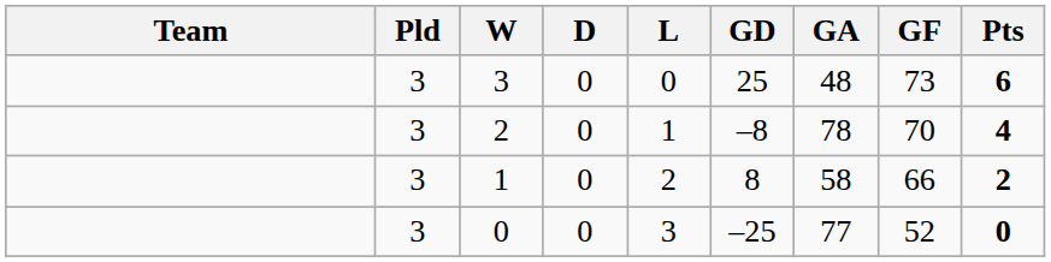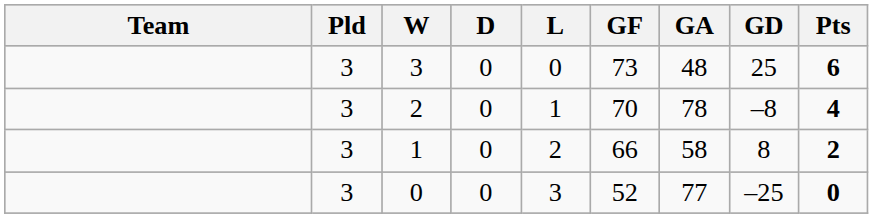 <table class="wikitable" style="text-align: center;">
 <tr>
 <th width="180">Team</th>
 <th width="35">Pld</th>
 <th width="35">W</th>
 <th width="35">D</th>
 <th width="35">L</th>
+<th width="35">GF</th>
+<th width="35">GA</th>
 <th width="35">GD</th>
-<th width="35">GA</th>
-<th width="35">GF</th>
 <th width="35">Pts</th>
 </tr>
 <tr>
 <td align="left"></td>
 <td>3</td>
 <td>3</td>
 <td>0</td>
 <td>0</td>
+<td>73</td>
+<td>48</td>
 <td>25</td>
-<td>48</td>
-<td>73</td>
 <td><strong>6</strong></td>
 </tr>
 <tr>
 <td align="left"></td>
 <td>3</td>
 <td>2</td>
 <td>0</td>
 <td>1</td>
+<td>70</td>
+<td>78</td>
 <td>–8</td>
-<td>78</td>
-<td>70</td>
 <td><strong>4</strong></td>
 </tr>
 <tr>
 <td align="left"></td>
 <td>3</td>
 <td>1</td>
 <td>0</td>
 <td>2</td>
+<td>66</td>
+<td>58</td>
 <td>8</td>
-<td>58</td>
-<td>66</td>
 <td><strong>2</strong></td>
 </tr>
 <tr>
 <td align="left"></td>
 <td>3</td>
 <td>0</td>
 <td>0</td>
 <td>3</td>
+<td>52</td>
+<td>77</td>
 <td>–25</td>
-<td>77</td>
-<td>52</td>
 <td><strong>0</strong></td>
 </tr>
 </table>
